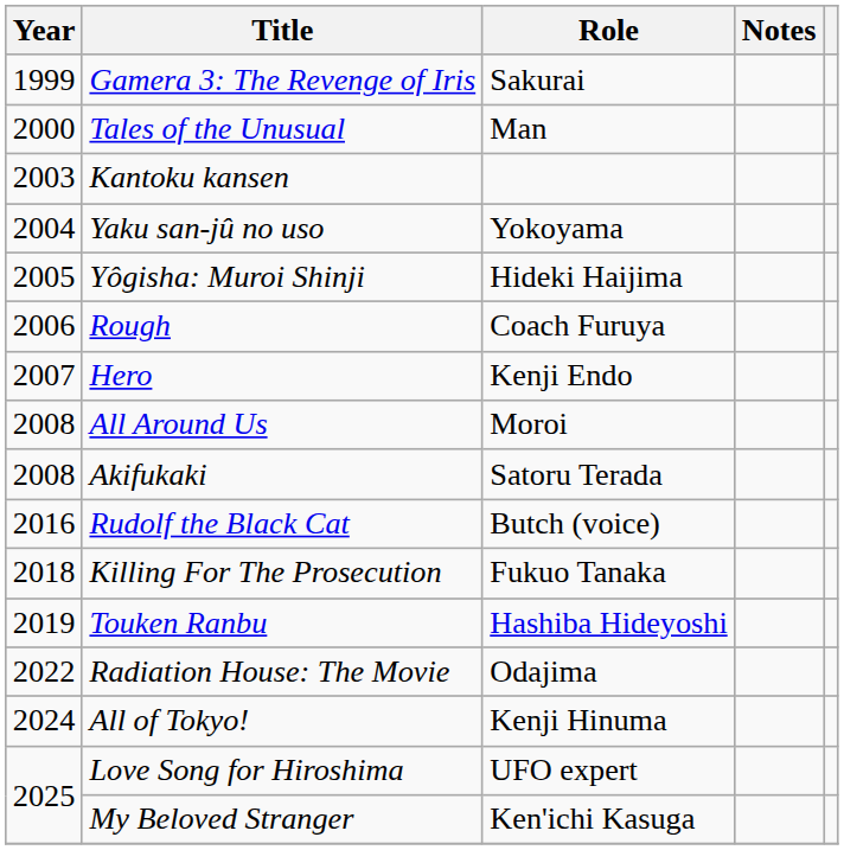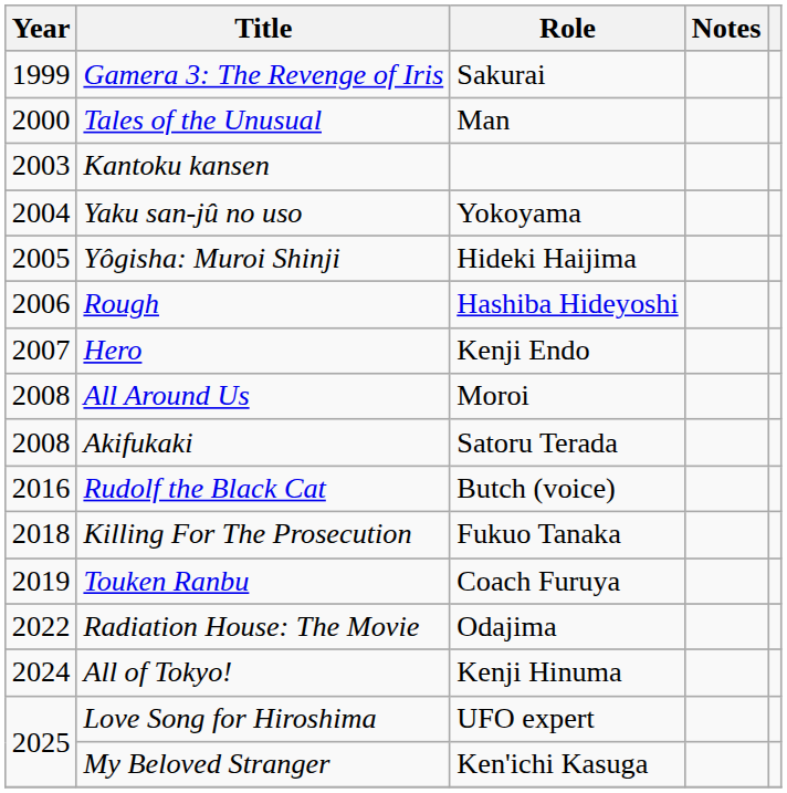 <table class="wikitable sortable">
 <tr align="center">
 <th>Year</th>
 <th>Title</th>
 <th>Role</th>
 <th>Notes</th>
 <th class="unsortable"></th>
 </tr>
 <tr>
 <td>1999</td>
 <td><em><a href='#'>Gamera 3: The Revenge of Iris</a></em></td>
 <td>Sakurai</td>
 <td></td>
 <td></td>
 </tr>
 <tr>
 <td>2000</td>
 <td><em><a href='#'>Tales of the Unusual</a></em></td>
 <td>Man</td>
 <td></td>
 <td></td>
 </tr>
 <tr>
 <td>2003</td>
 <td><em>Kantoku kansen</em></td>
 <td></td>
 <td></td>
 <td></td>
 </tr>
 <tr>
 <td>2004</td>
 <td><em>Yaku san-jû no uso</em></td>
 <td>Yokoyama</td>
 <td></td>
 <td></td>
 </tr>
 <tr>
 <td>2005</td>
 <td><em>Yôgisha: Muroi Shinji</em></td>
 <td>Hideki Haijima</td>
 <td></td>
 <td></td>
 </tr>
 <tr>
 <td>2006</td>
 <td><em><a href='#'>Rough</a></em></td>
-<td>Coach Furuya</td>
+<td><a href='#'>Hashiba Hideyoshi</a></td>
 <td></td>
 <td></td>
 </tr>
 <tr>
 <td>2007</td>
 <td><em><a href='#'>Hero</a></em></td>
 <td>Kenji Endo</td>
 <td></td>
 <td></td>
 </tr>
 <tr>
 <td>2008</td>
 <td><em><a href='#'>All Around Us</a></em></td>
 <td>Moroi</td>
 <td></td>
 <td></td>
 </tr>
 <tr>
 <td>2008</td>
 <td><em>Akifukaki</em></td>
 <td>Satoru Terada</td>
 <td></td>
 <td></td>
 </tr>
 <tr>
 <td>2016</td>
 <td><em><a href='#'>Rudolf the Black Cat</a></em></td>
 <td>Butch (voice)</td>
 <td></td>
 <td></td>
 </tr>
 <tr>
 <td>2018</td>
 <td><em>Killing For The Prosecution</em></td>
 <td>Fukuo Tanaka</td>
 <td></td>
 <td></td>
 </tr>
 <tr>
 <td>2019</td>
 <td><em><a href='#'>Touken Ranbu</a></em></td>
-<td><a href='#'>Hashiba Hideyoshi</a></td>
+<td>Coach Furuya</td>
 <td></td>
 <td></td>
 </tr>
 <tr>
 <td>2022</td>
 <td><em>Radiation House: The Movie</em></td>
 <td>Odajima</td>
 <td></td>
 <td></td>
 </tr>
 <tr>
 <td>2024</td>
 <td><em>All of Tokyo!</em></td>
 <td>Kenji Hinuma</td>
 <td></td>
 <td></td>
 </tr>
 <tr>
 <td rowspan=2>2025</td>
 <td><em>Love Song for Hiroshima</em></td>
 <td>UFO expert</td>
 <td></td>
 <td></td>
 </tr>
 <tr>
 <td><em>My Beloved Stranger</em></td>
 <td>Ken'ichi Kasuga</td>
 <td></td>
 <td></td>
 </tr>
 <tr>
 </tr>
 </table>
